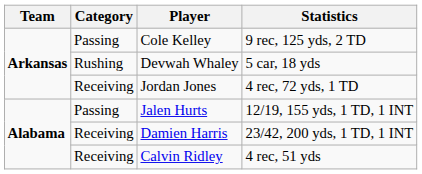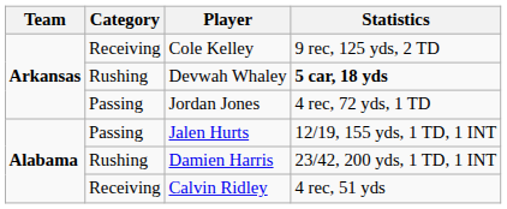 <table class="wikitable" style="float: right;">
 <tr>
 <th>Team</th>
 <th>Category</th>
 <th>Player</th>
 <th>Statistics</th>
 </tr>
 <tr>
 <td rowspan=3><strong>Arkansas</strong></td>
-<td>Passing</td>
+<td>Receiving</td>
 <td>Cole Kelley</td>
 <td>9 rec, 125 yds, 2 TD</td>
 </tr>
 <tr>
 <td>Rushing</td>
 <td>Devwah Whaley</td>
-<td>5 car, 18 yds</td>
+<td><strong>5 car, 18 yds</strong></td>
 </tr>
 <tr>
-<td>Receiving</td>
+<td>Passing</td>
 <td>Jordan Jones</td>
 <td>4 rec, 72 yds, 1 TD</td>
 </tr>
 <tr>
 <td rowspan=3><strong>Alabama</strong></td>
 <td>Passing</td>
 <td><a href='#'>Jalen Hurts</a></td>
 <td>12/19, 155 yds, 1 TD, 1 INT</td>
 </tr>
 <tr>
-<td>Receiving</td>
+<td>Rushing</td>
 <td><a href='#'>Damien Harris</a></td>
 <td>23/42, 200 yds, 1 TD, 1 INT</td>
 </tr>
 <tr>
 <td>Receiving</td>
 <td><a href='#'>Calvin Ridley</a></td>
 <td>4 rec, 51 yds</td>
 </tr>
 </table>
